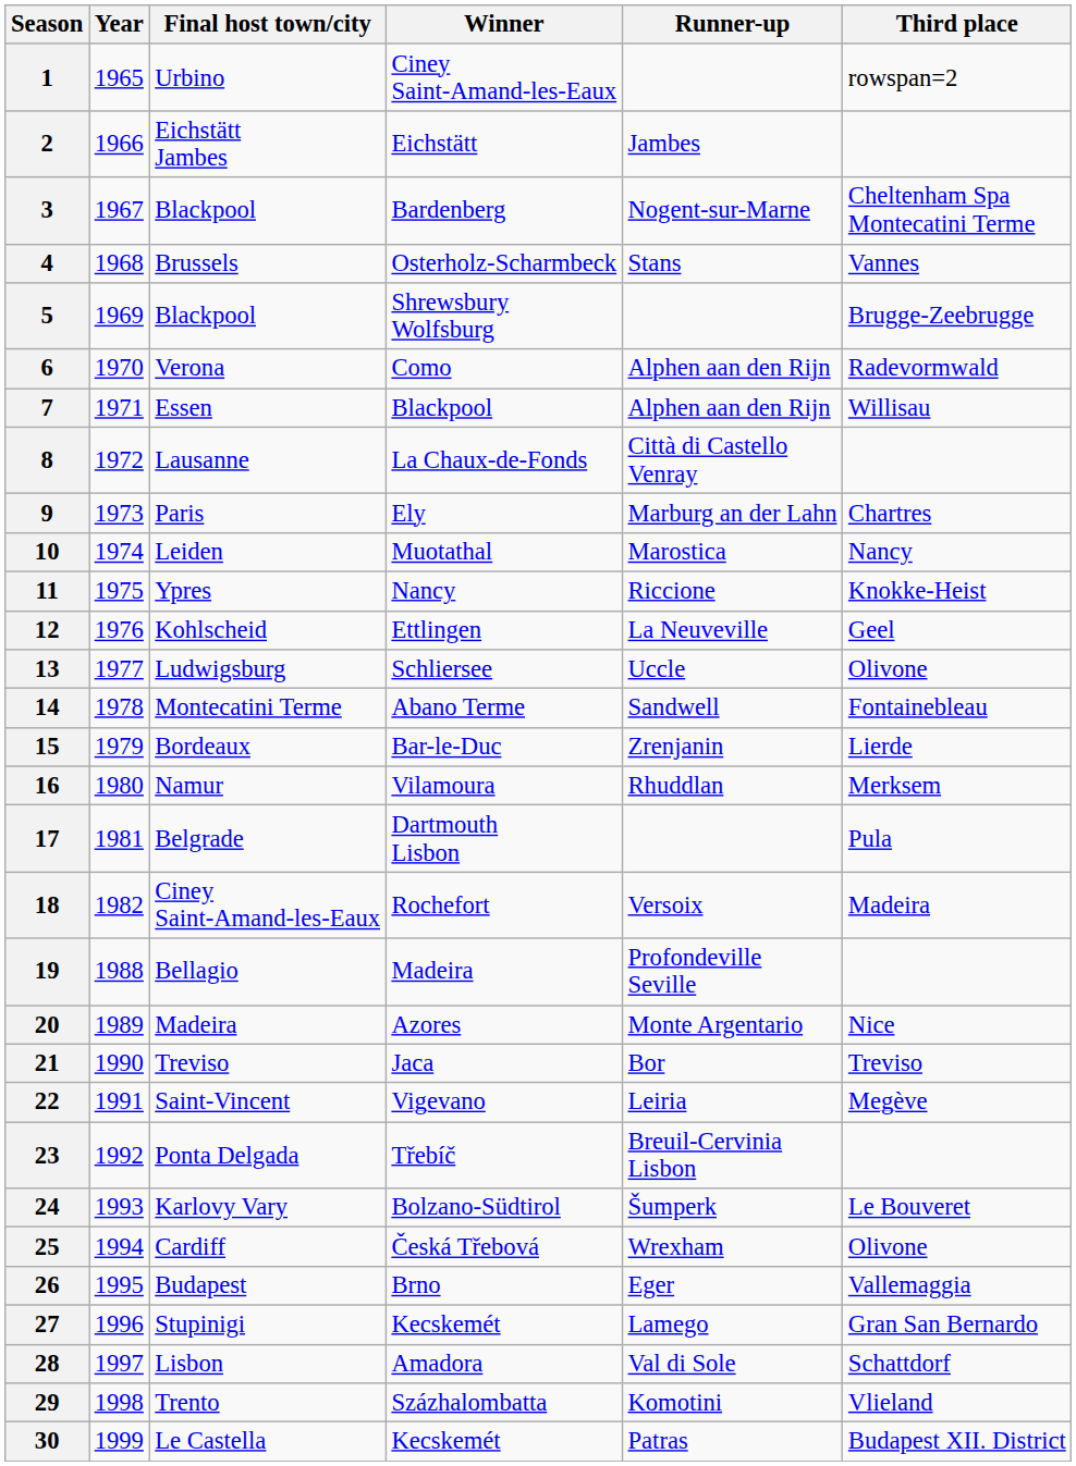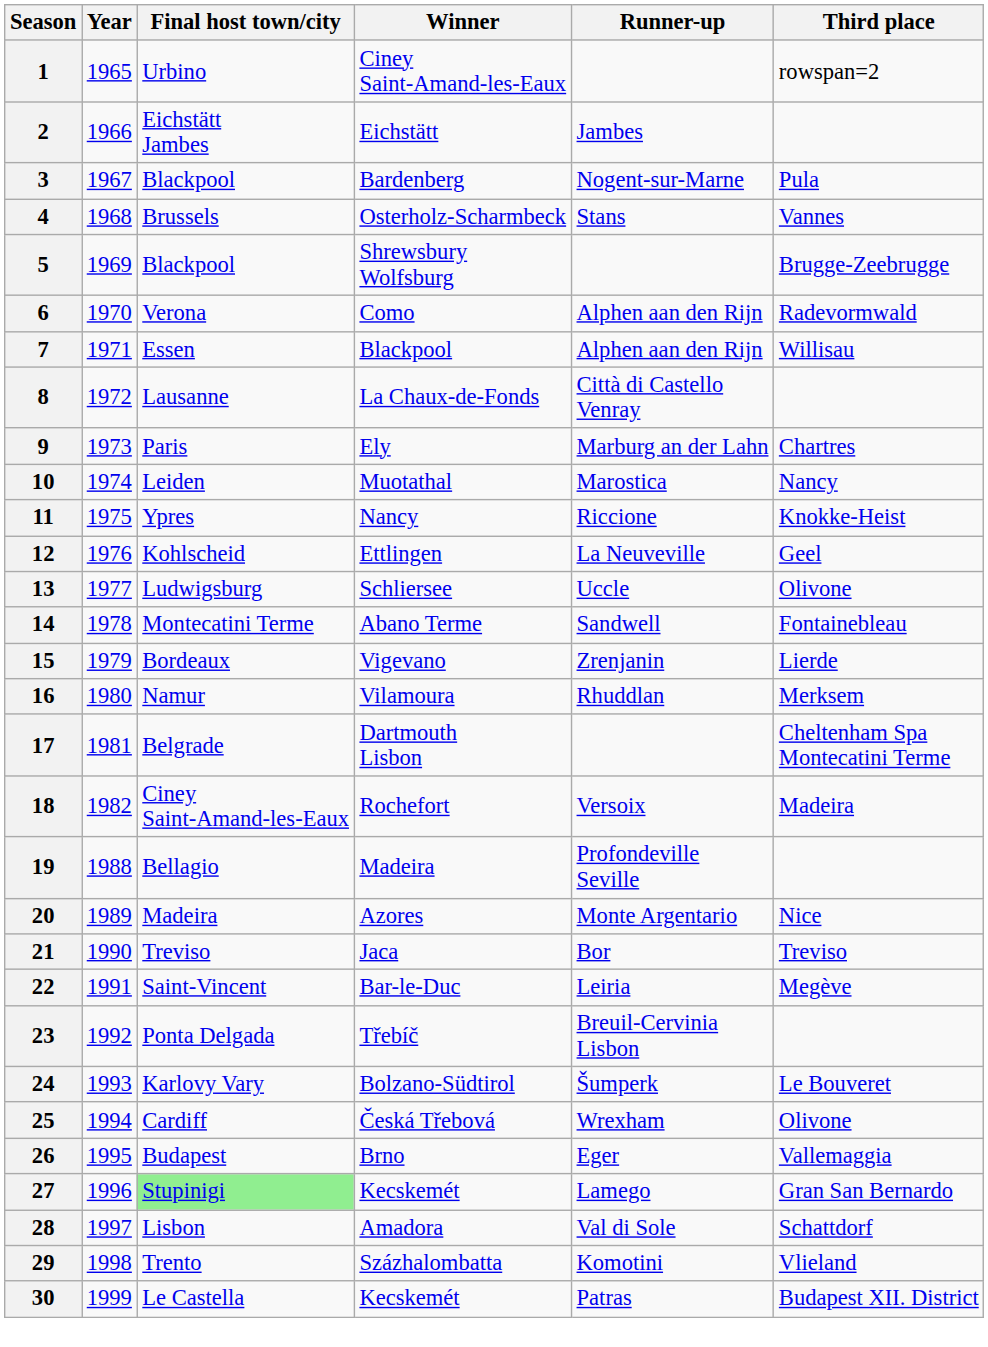 <table class="wikitable sortable">
 <tr>
 <th>Season</th>
 <th>Year</th>
 <th>Final host town/city</th>
 <th>Winner</th>
 <th>Runner-up</th>
 <th>Third place</th>
 </tr>
 <tr>
 <th>1</th>
 <td><a href='#'>1965</a></td>
 <td> <a href='#'>Urbino</a></td>
 <td> <a href='#'>Ciney</a> <br> <a href='#'>Saint-Amand-les-Eaux</a></td>
 <td></td>
 <td>rowspan=2 </td>
 </tr>
 <tr>
 <th>2</th>
 <td><a href='#'>1966</a></td>
 <td> <a href='#'>Eichstätt</a> <br> <a href='#'>Jambes</a></td>
 <td> <a href='#'>Eichstätt</a></td>
 <td> <a href='#'>Jambes</a></td>
 </tr>
 <tr>
 <th>3</th>
 <td><a href='#'>1967</a></td>
 <td> <a href='#'>Blackpool</a></td>
 <td> <a href='#'>Bardenberg</a></td>
 <td> <a href='#'>Nogent-sur-Marne</a></td>
-<td> <a href='#'>Cheltenham Spa</a> <br> <a href='#'>Montecatini Terme</a></td>
+<td> <a href='#'>Pula</a></td>
 </tr>
 <tr>
 <th>4</th>
 <td><a href='#'>1968</a></td>
 <td> <a href='#'>Brussels</a></td>
 <td> <a href='#'>Osterholz-Scharmbeck</a></td>
 <td> <a href='#'>Stans</a></td>
 <td> <a href='#'>Vannes</a></td>
 </tr>
 <tr>
 <th>5</th>
 <td><a href='#'>1969</a></td>
 <td> <a href='#'>Blackpool</a></td>
 <td> <a href='#'>Shrewsbury</a> <br>  <a href='#'>Wolfsburg</a></td>
 <td></td>
 <td> <a href='#'>Brugge-Zeebrugge</a></td>
 </tr>
 <tr>
 <th>6</th>
 <td><a href='#'>1970</a></td>
 <td> <a href='#'>Verona</a></td>
 <td> <a href='#'>Como</a></td>
 <td> <a href='#'>Alphen aan den Rijn</a></td>
 <td> <a href='#'>Radevormwald</a></td>
 </tr>
 <tr>
 <th>7</th>
 <td><a href='#'>1971</a></td>
 <td> <a href='#'>Essen</a></td>
 <td> <a href='#'>Blackpool</a></td>
 <td> <a href='#'>Alphen aan den Rijn</a></td>
 <td> <a href='#'>Willisau</a></td>
 </tr>
 <tr>
 <th>8</th>
 <td><a href='#'>1972</a></td>
 <td> <a href='#'>Lausanne</a></td>
 <td> <a href='#'>La Chaux-de-Fonds</a></td>
 <td> <a href='#'>Città di Castello</a> <br> <a href='#'>Venray</a></td>
 <td></td>
 </tr>
 <tr>
 <th>9</th>
 <td><a href='#'>1973</a></td>
 <td> <a href='#'>Paris</a></td>
 <td> <a href='#'>Ely</a></td>
 <td> <a href='#'>Marburg an der Lahn</a></td>
 <td> <a href='#'>Chartres</a></td>
 </tr>
 <tr>
 <th>10</th>
 <td><a href='#'>1974</a></td>
 <td> <a href='#'>Leiden</a></td>
 <td> <a href='#'>Muotathal</a></td>
 <td> <a href='#'>Marostica</a></td>
 <td> <a href='#'>Nancy</a></td>
 </tr>
 <tr>
 <th>11</th>
 <td><a href='#'>1975</a></td>
 <td> <a href='#'>Ypres</a></td>
 <td> <a href='#'>Nancy</a></td>
 <td> <a href='#'>Riccione</a></td>
 <td> <a href='#'>Knokke-Heist</a></td>
 </tr>
 <tr>
 <th>12</th>
 <td><a href='#'>1976</a></td>
 <td> <a href='#'>Kohlscheid</a></td>
 <td> <a href='#'>Ettlingen</a></td>
 <td> <a href='#'>La Neuveville</a></td>
 <td> <a href='#'>Geel</a></td>
 </tr>
 <tr>
 <th>13</th>
 <td><a href='#'>1977</a></td>
 <td> <a href='#'>Ludwigsburg</a></td>
 <td> <a href='#'>Schliersee</a></td>
 <td> <a href='#'>Uccle</a></td>
 <td> <a href='#'>Olivone</a></td>
 </tr>
 <tr>
 <th>14</th>
 <td><a href='#'>1978</a></td>
 <td> <a href='#'>Montecatini Terme</a></td>
 <td> <a href='#'>Abano Terme</a></td>
 <td> <a href='#'>Sandwell</a></td>
 <td> <a href='#'>Fontainebleau</a></td>
 </tr>
 <tr>
 <th>15</th>
 <td><a href='#'>1979</a></td>
 <td> <a href='#'>Bordeaux</a></td>
-<td> <a href='#'>Bar-le-Duc</a></td>
+<td> <a href='#'>Vigevano</a></td>
 <td> <a href='#'>Zrenjanin</a></td>
 <td> <a href='#'>Lierde</a></td>
 </tr>
 <tr>
 <th>16</th>
 <td><a href='#'>1980</a></td>
 <td> <a href='#'>Namur</a></td>
 <td> <a href='#'>Vilamoura</a></td>
 <td> <a href='#'>Rhuddlan</a></td>
 <td> <a href='#'>Merksem</a></td>
 </tr>
 <tr>
 <th>17</th>
 <td><a href='#'>1981</a></td>
 <td> <a href='#'>Belgrade</a></td>
 <td> <a href='#'>Dartmouth</a> <br>  <a href='#'>Lisbon</a></td>
 <td></td>
-<td> <a href='#'>Pula</a></td>
+<td> <a href='#'>Cheltenham Spa</a> <br> <a href='#'>Montecatini Terme</a></td>
 </tr>
 <tr>
 <th>18</th>
 <td><a href='#'>1982</a></td>
 <td> <a href='#'>Ciney</a> <br> <a href='#'>Saint-Amand-les-Eaux</a></td>
 <td> <a href='#'>Rochefort</a></td>
 <td> <a href='#'>Versoix</a></td>
 <td> <a href='#'>Madeira</a></td>
 </tr>
 <tr>
 <th>19</th>
 <td><a href='#'>1988</a></td>
 <td> <a href='#'>Bellagio</a></td>
 <td> <a href='#'>Madeira</a></td>
 <td> <a href='#'>Profondeville</a> <br> <a href='#'>Seville</a></td>
 <td></td>
 </tr>
 <tr>
 <th>20</th>
 <td><a href='#'>1989</a></td>
 <td> <a href='#'>Madeira</a></td>
 <td> <a href='#'>Azores</a></td>
 <td> <a href='#'>Monte Argentario</a></td>
 <td> <a href='#'>Nice</a></td>
 </tr>
 <tr>
 <th>21</th>
 <td><a href='#'>1990</a></td>
 <td> <a href='#'>Treviso</a></td>
 <td> <a href='#'>Jaca</a></td>
 <td> <a href='#'>Bor</a></td>
 <td> <a href='#'>Treviso</a></td>
 </tr>
 <tr>
 <th>22</th>
 <td><a href='#'>1991</a></td>
 <td> <a href='#'>Saint-Vincent</a></td>
-<td> <a href='#'>Vigevano</a></td>
+<td> <a href='#'>Bar-le-Duc</a></td>
 <td> <a href='#'>Leiria</a></td>
 <td> <a href='#'>Megève</a></td>
 </tr>
 <tr>
 <th>23</th>
 <td><a href='#'>1992</a></td>
 <td> <a href='#'>Ponta Delgada</a></td>
 <td> <a href='#'>Třebíč</a></td>
 <td> <a href='#'>Breuil-Cervinia</a> <br>  <a href='#'>Lisbon</a></td>
 <td></td>
 </tr>
 <tr>
 <th>24</th>
 <td><a href='#'>1993</a></td>
 <td> <a href='#'>Karlovy Vary</a></td>
 <td> <a href='#'>Bolzano-Südtirol</a></td>
 <td> <a href='#'>Šumperk</a></td>
 <td> <a href='#'>Le Bouveret</a></td>
 </tr>
 <tr>
 <th>25</th>
 <td><a href='#'>1994</a></td>
 <td> <a href='#'>Cardiff</a></td>
 <td> <a href='#'>Česká Třebová</a></td>
 <td> <a href='#'>Wrexham</a></td>
 <td> <a href='#'>Olivone</a></td>
 </tr>
 <tr>
 <th>26</th>
 <td><a href='#'>1995</a></td>
 <td> <a href='#'>Budapest</a></td>
 <td> <a href='#'>Brno</a></td>
 <td> <a href='#'>Eger</a></td>
 <td> <a href='#'>Vallemaggia</a></td>
 </tr>
 <tr>
 <th>27</th>
 <td><a href='#'>1996</a></td>
-<td> <a href='#'>Stupinigi</a></td>
+<td style="background: lightgreen;"> <a href='#'>Stupinigi</a></td>
 <td> <a href='#'>Kecskemét</a></td>
 <td> <a href='#'>Lamego</a></td>
 <td> <a href='#'>Gran San Bernardo</a></td>
 </tr>
 <tr>
 <th>28</th>
 <td><a href='#'>1997</a></td>
 <td> <a href='#'>Lisbon</a></td>
 <td> <a href='#'>Amadora</a></td>
 <td> <a href='#'>Val di Sole</a></td>
 <td> <a href='#'>Schattdorf</a></td>
 </tr>
 <tr>
 <th>29</th>
 <td><a href='#'>1998</a></td>
 <td> <a href='#'>Trento</a></td>
 <td> <a href='#'>Százhalombatta</a></td>
 <td> <a href='#'>Komotini</a></td>
 <td> <a href='#'>Vlieland</a></td>
 </tr>
 <tr>
 <th>30</th>
 <td><a href='#'>1999</a></td>
 <td> <a href='#'>Le Castella</a></td>
 <td> <a href='#'>Kecskemét</a></td>
 <td> <a href='#'>Patras</a></td>
 <td> <a href='#'>Budapest XII. District</a></td>
 </tr>
 </table>
